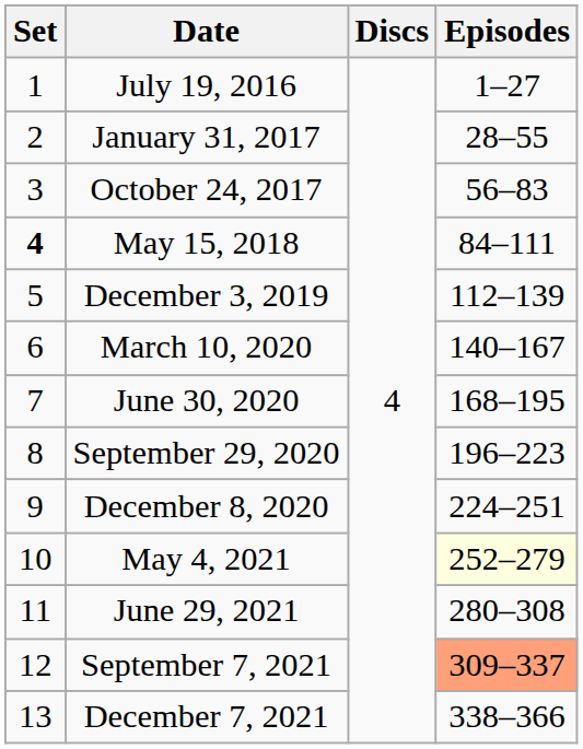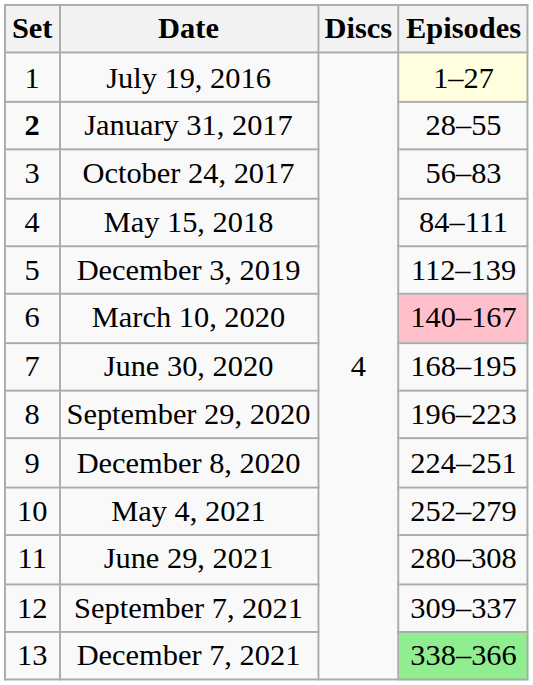 <table class="wikitable" style="text-align:center;">
 <tr>
 <th>Set</th>
 <th>Date</th>
 <th>Discs</th>
 <th>Episodes</th>
 </tr>
 <tr>
 <td>1</td>
 <td>July 19, 2016</td>
 <td rowspan="13">4</td>
-<td>1–27</td>
+<td style="background: lightyellow;">1–27</td>
 </tr>
 <tr>
-<td>2</td>
+<td><strong>2</strong></td>
 <td>January 31, 2017</td>
 <td>28–55</td>
 </tr>
 <tr>
 <td>3</td>
 <td>October 24, 2017</td>
 <td>56–83</td>
 </tr>
 <tr>
-<td><strong>4</strong></td>
+<td>4</td>
 <td>May 15, 2018</td>
 <td>84–111</td>
 </tr>
 <tr>
 <td>5</td>
 <td>December 3, 2019</td>
 <td>112–139</td>
 </tr>
 <tr>
 <td>6</td>
 <td>March 10, 2020</td>
-<td>140–167</td>
+<td style="background: pink;">140–167</td>
 </tr>
 <tr>
 <td>7</td>
 <td>June 30, 2020</td>
 <td>168–195</td>
 </tr>
 <tr>
 <td>8</td>
 <td>September 29, 2020</td>
 <td>196–223</td>
 </tr>
 <tr>
 <td>9</td>
 <td>December 8, 2020</td>
 <td>224–251</td>
 </tr>
 <tr>
 <td>10</td>
 <td>May 4, 2021</td>
-<td style="background: lightyellow;">252–279</td>
+<td>252–279</td>
 </tr>
 <tr>
 <td>11</td>
 <td>June 29, 2021</td>
 <td>280–308</td>
 </tr>
 <tr>
 <td>12</td>
 <td>September 7, 2021</td>
-<td style="background: lightsalmon;">309–337</td>
+<td>309–337</td>
 </tr>
 <tr>
 <td>13</td>
 <td>December 7, 2021</td>
-<td>338–366</td>
+<td style="background: lightgreen;">338–366</td>
 </tr>
 </table>
